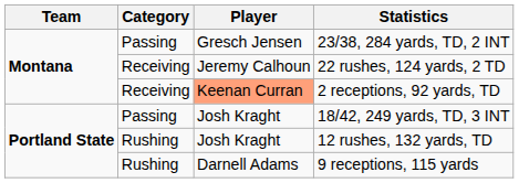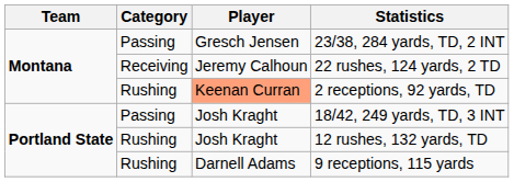 <table class="wikitable" style="float: right;">
 <tr>
 <th>Team</th>
 <th>Category</th>
 <th>Player</th>
 <th>Statistics</th>
 </tr>
 <tr>
 <td rowspan=3><strong>Montana</strong></td>
 <td>Passing</td>
 <td>Gresch Jensen</td>
 <td>23/38, 284 yards, TD, 2 INT</td>
 </tr>
 <tr>
 <td>Receiving</td>
 <td>Jeremy Calhoun</td>
 <td>22 rushes, 124 yards, 2 TD</td>
 </tr>
 <tr>
-<td>Receiving</td>
+<td>Rushing</td>
 <td style="background: lightsalmon;">Keenan Curran</td>
 <td>2 receptions, 92 yards, TD</td>
 </tr>
 <tr>
 <td rowspan=3><strong>Portland State</strong></td>
 <td>Passing</td>
 <td>Josh Kraght</td>
 <td>18/42, 249 yards, TD, 3 INT</td>
 </tr>
 <tr>
 <td>Rushing</td>
 <td>Josh Kraght</td>
 <td>12 rushes, 132 yards, TD</td>
 </tr>
 <tr>
 <td>Rushing</td>
 <td>Darnell Adams</td>
 <td>9 receptions, 115 yards</td>
 </tr>
 </table>
